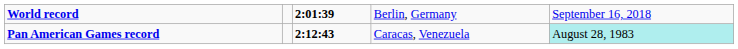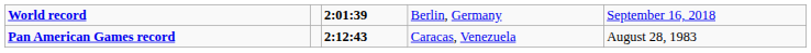 <table class="wikitable" width=75%>
 <tr>
 <td><strong><a href='#'>World record</a></strong></td>
 <td></td>
 <td><strong>2:01:39</strong></td>
 <td><a href='#'>Berlin</a>, <a href='#'>Germany</a></td>
 <td><a href='#'>September 16, 2018</a></td>
 </tr>
 <tr>
 <td><strong><a href='#'>Pan American Games record</a></strong></td>
 <td></td>
 <td><strong>2:12:43</strong></td>
 <td><a href='#'>Caracas</a>, <a href='#'>Venezuela</a></td>
-<td style="background: paleturquoise;">August 28, 1983</td>
+<td>August 28, 1983</td>
 </tr>
 </table>
